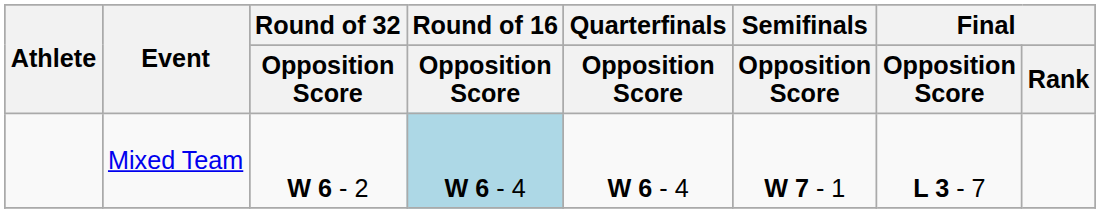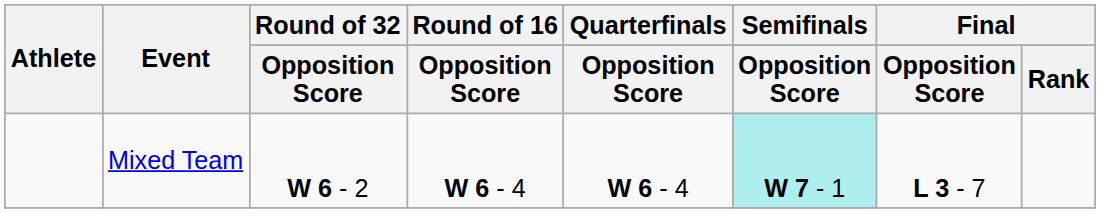 <table class="wikitable" border="1" style="font-size:90%">
 <tr>
 <th rowspan=2>Athlete</th>
 <th rowspan=2>Event</th>
 <th>Round of 32</th>
 <th>Round of 16</th>
 <th>Quarterfinals</th>
 <th>Semifinals</th>
 <th colspan=2>Final</th>
 </tr>
 <tr>
 <th>Opposition<br>Score</th>
 <th>Opposition<br>Score</th>
 <th>Opposition<br>Score</th>
 <th>Opposition<br>Score</th>
 <th>Opposition<br>Score</th>
 <th>Rank</th>
 </tr>
 <tr>
 <td><br></td>
 <td><a href='#'>Mixed Team</a></td>
 <td align=center><br><br><strong>W 6</strong> - 2</td>
-<td align=center style="background: lightblue;"><br><br><strong>W 6</strong> - 4</td>
 <td align=center><br><br><strong>W 6</strong> - 4</td>
-<td align=center><br><br><strong>W 7</strong> - 1</td>
+<td align=center><br><br><strong>W 6</strong> - 4</td>
+<td align=center style="background: paleturquoise;"><br><br><strong>W 7</strong> - 1</td>
 <td align=center><br><br><strong>L 3</strong> - 7</td>
 <td align=center></td>
 </tr>
 </table>
